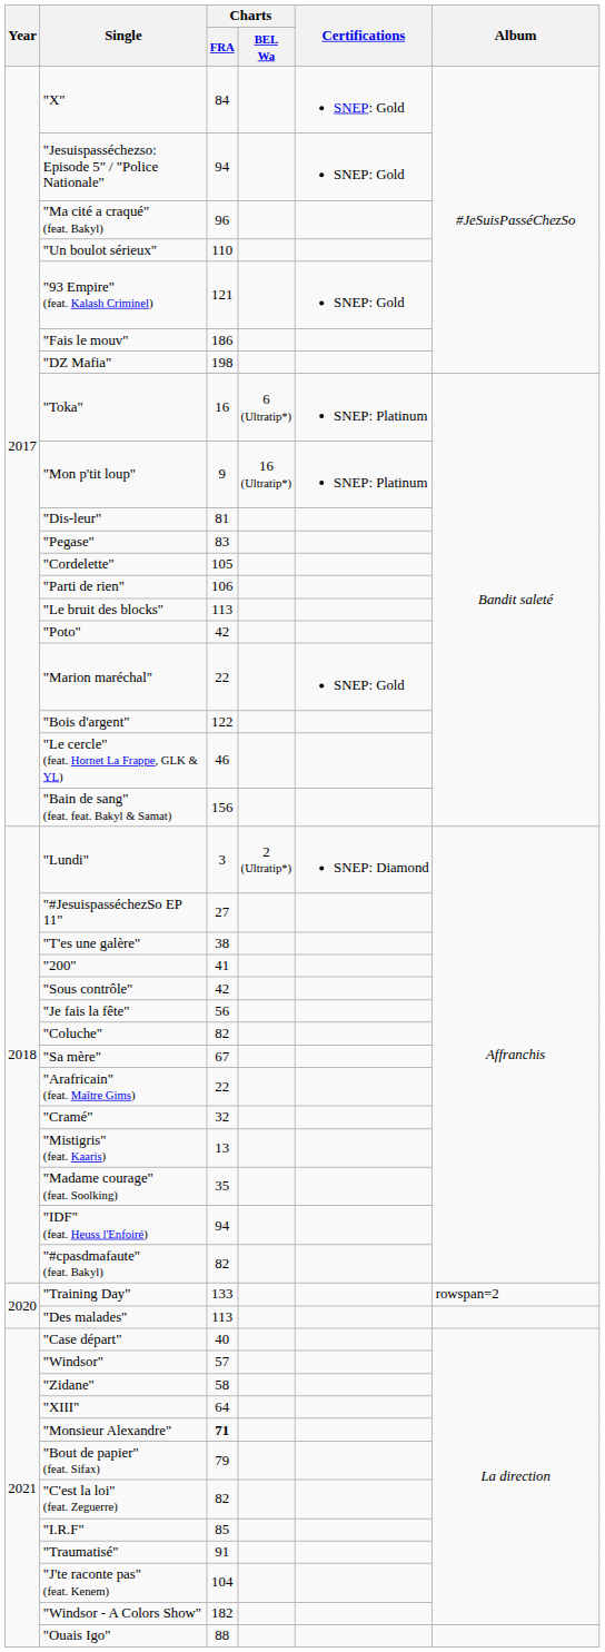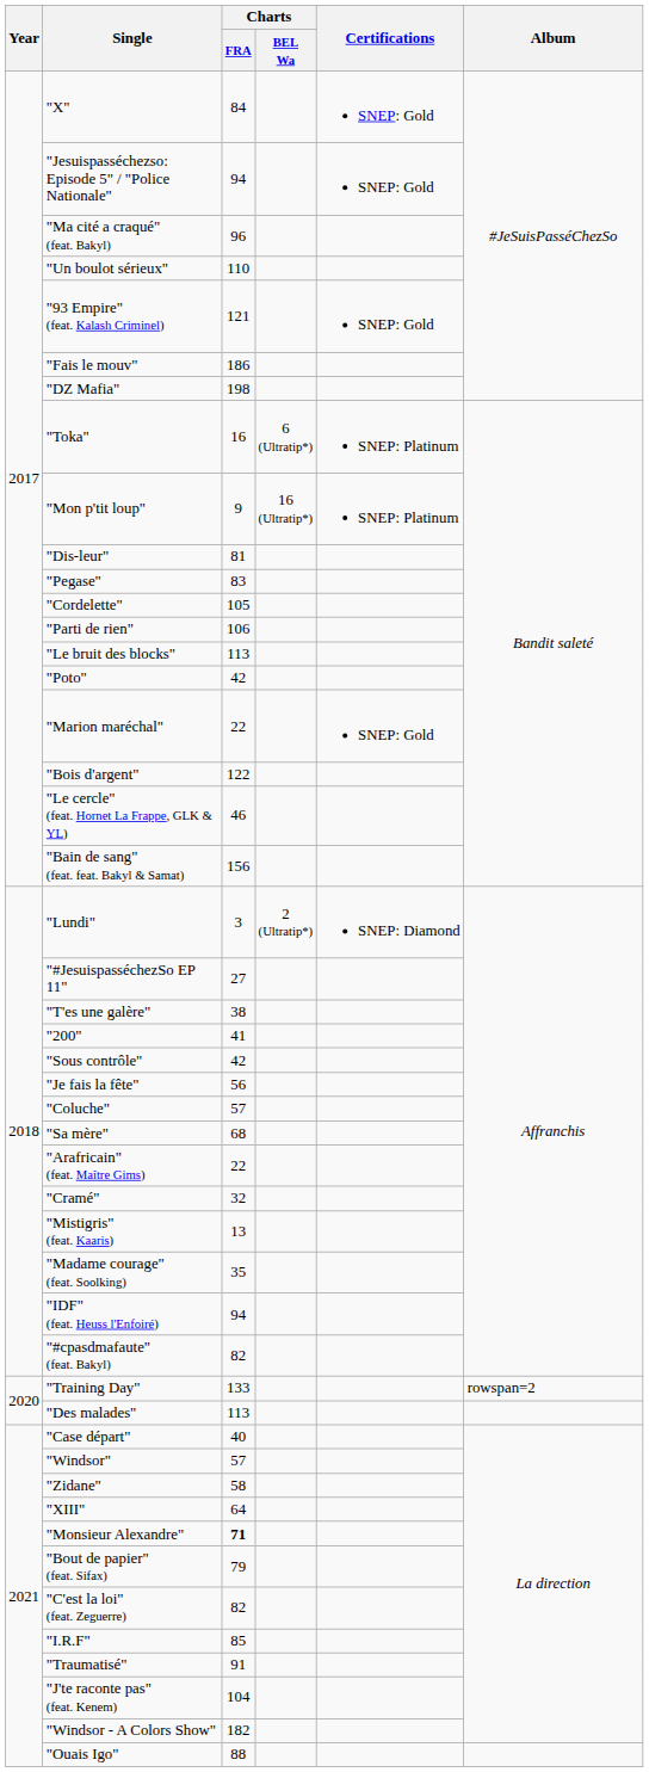 <table class="wikitable">
 <tr>
 <th align="center" rowspan="2" width="10">Year</th>
 <th align="center" rowspan="2" width="180">Single</th>
 <th align="center" colspan="2">Charts</th>
 <th align="center" rowspan="2"><a href='#'>Certifications</a></th>
 <th align="center" rowspan="2" width="180">Album</th>
 </tr>
 <tr>
 <th width="20"><small><a href='#'>FRA</a></small><br></th>
 <th width="20"><small><a href='#'>BEL<br>Wa</a></small><br></th>
 </tr>
 <tr>
 <td align="center" rowspan=19>2017</td>
 <td>"X"</td>
 <td align="center">84</td>
 <td></td>
 <td><br><ul><li><a href='#'>SNEP</a>: Gold</li></ul></td>
 <td align="center" rowspan=7><em>#JeSuisPasséChezSo</em></td>
 </tr>
 <tr>
 <td>"Jesuispasséchezso: Episode 5" / "Police Nationale"</td>
 <td align="center">94</td>
 <td></td>
 <td><br><ul><li>SNEP: Gold</li></ul></td>
 </tr>
 <tr>
 <td>"Ma cité a craqué"<br><small>(feat. Bakyl)</small></td>
 <td align="center">96</td>
 <td></td>
 <td></td>
 </tr>
 <tr>
 <td>"Un boulot sérieux"</td>
 <td align="center">110</td>
 <td></td>
 <td></td>
 </tr>
 <tr>
 <td>"93 Empire"<br><small>(feat. <a href='#'>Kalash Criminel</a>)</small></td>
 <td align="center">121</td>
 <td></td>
 <td><br><ul><li>SNEP: Gold</li></ul></td>
 </tr>
 <tr>
 <td>"Fais le mouv"</td>
 <td align="center">186</td>
 <td></td>
 <td></td>
 </tr>
 <tr>
 <td>"DZ Mafia"</td>
 <td align="center">198</td>
 <td></td>
 <td></td>
 </tr>
 <tr>
 <td>"Toka"</td>
 <td align="center">16</td>
 <td align="center">6<br><small>(Ultratip*)</small></td>
 <td><br><ul><li>SNEP: Platinum</li></ul></td>
 <td align="center" rowspan=12><em>Bandit saleté</em></td>
 </tr>
 <tr>
 <td>"Mon p'tit loup"</td>
 <td align="center">9</td>
 <td align="center">16<br><small>(Ultratip*)</small></td>
 <td><br><ul><li>SNEP: Platinum</li></ul></td>
 </tr>
 <tr>
 <td>"Dis-leur"</td>
 <td align="center">81</td>
 <td align="center"></td>
 <td></td>
 </tr>
 <tr>
 <td>"Pegase"</td>
 <td align="center">83</td>
 <td align="center"></td>
 <td></td>
 </tr>
 <tr>
 <td>"Cordelette"</td>
 <td align="center">105</td>
 <td align="center"></td>
 <td></td>
 </tr>
 <tr>
 <td>"Parti de rien"</td>
 <td align="center">106</td>
 <td align="center"></td>
 <td></td>
 </tr>
 <tr>
 <td>"Le bruit des blocks"</td>
 <td align="center">113</td>
 <td align="center"></td>
 <td></td>
 </tr>
 <tr>
 <td>"Poto"</td>
 <td align="center">42</td>
 <td align="center"></td>
 <td></td>
 </tr>
 <tr>
 <td>"Marion maréchal"</td>
 <td align="center">22</td>
 <td align="center"></td>
 <td><br><ul><li>SNEP: Gold</li></ul></td>
 </tr>
 <tr>
 <td>"Bois d'argent"</td>
 <td align="center">122</td>
 <td align="center"></td>
 <td></td>
 </tr>
 <tr>
 <td>"Le cercle"<br><small>(feat. <a href='#'>Hornet La Frappe</a>, GLK & <a href='#'>YL</a>)</small></td>
 <td align="center">46</td>
 <td align="center"></td>
 <td></td>
 </tr>
 <tr>
 <td>"Bain de sang"<br><small>(feat. feat. Bakyl & Samat)</small></td>
 <td align="center">156</td>
 <td align="center"></td>
 <td></td>
 </tr>
 <tr>
 <td align="center" rowspan=14>2018</td>
 <td>"Lundi"</td>
 <td align="center">3</td>
 <td align="center">2<br><small>(Ultratip*)</small></td>
 <td><br><ul><li>SNEP: Diamond</li></ul></td>
 <td align="center" rowspan=14><em>Affranchis</em></td>
 </tr>
 <tr>
 <td>"#JesuispasséchezSo EP 11"</td>
 <td align="center">27</td>
 <td align="center"></td>
 <td></td>
 </tr>
 <tr>
 <td>"T'es une galère"</td>
 <td align="center">38</td>
 <td align="center"></td>
 <td></td>
 </tr>
 <tr>
 <td>"200"</td>
 <td align="center">41</td>
 <td align="center"></td>
 <td></td>
 </tr>
 <tr>
 <td>"Sous contrôle"</td>
 <td align="center">42</td>
 <td align="center"></td>
 <td></td>
 </tr>
 <tr>
 <td>"Je fais la fête"</td>
 <td align="center">56</td>
 <td align="center"></td>
 <td></td>
 </tr>
 <tr>
 <td>"Coluche"</td>
-<td align="center">82</td>
+<td align="center">57</td>
 <td align="center"></td>
 <td></td>
 </tr>
 <tr>
 <td>"Sa mère"</td>
-<td align="center">67</td>
+<td align="center">68</td>
 <td align="center"></td>
 <td></td>
 </tr>
 <tr>
 <td>"Arafricain"<br><small>(feat. <a href='#'>Maître Gims</a>)</small></td>
 <td align="center">22</td>
 <td align="center"></td>
 <td></td>
 </tr>
 <tr>
 <td>"Cramé"</td>
 <td align="center">32</td>
 <td align="center"></td>
 <td></td>
 </tr>
 <tr>
 <td>"Mistigris"<br><small>(feat. <a href='#'>Kaaris</a>)</small></td>
 <td align="center">13</td>
 <td align="center"></td>
 <td></td>
 </tr>
 <tr>
 <td>"Madame courage"<br><small>(feat. Soolking)</small></td>
 <td align="center">35</td>
 <td align="center"></td>
 <td></td>
 </tr>
 <tr>
 <td>"IDF"<br><small>(feat. <a href='#'>Heuss l'Enfoiré</a>)</small></td>
 <td align="center">94</td>
 <td align="center"></td>
 <td></td>
 </tr>
 <tr>
 <td>"#cpasdmafaute"<br><small>(feat. Bakyl)</small></td>
 <td align="center">82</td>
 <td align="center"></td>
 <td></td>
 </tr>
 <tr>
 <td align="center" rowspan=2>2020</td>
 <td>"Training Day"</td>
 <td align="center">133<br></td>
 <td align="center"></td>
 <td></td>
 <td>rowspan=2 </td>
 </tr>
 <tr>
 <td>"Des malades"</td>
 <td align="center">113</td>
 <td align="center"></td>
 <td></td>
 </tr>
 <tr>
 <td align="center" rowspan=12>2021</td>
 <td>"Case départ"</td>
 <td align="center">40</td>
 <td align="center"></td>
 <td></td>
 <td align="center" rowspan=11><em>La direction</em></td>
 </tr>
 <tr>
 <td>"Windsor"</td>
 <td align="center">57</td>
 <td align="center"></td>
 <td></td>
 </tr>
 <tr>
 <td>"Zidane"</td>
 <td align="center">58</td>
 <td align="center"></td>
 <td></td>
 </tr>
 <tr>
 <td>"XIII"</td>
 <td align="center">64</td>
 <td align="center"></td>
 <td></td>
 </tr>
 <tr>
 <td>"Monsieur Alexandre"</td>
 <td align="center"><strong>71</strong></td>
 <td align="center"></td>
 <td></td>
 </tr>
 <tr>
 <td>"Bout de papier"<br><small>(feat. Sifax)</small></td>
 <td align="center">79</td>
 <td align="center"></td>
 <td></td>
 </tr>
 <tr>
 <td>"C'est la loi"<br><small>(feat. Zeguerre)</small></td>
 <td align="center">82</td>
 <td align="center"></td>
 <td></td>
 </tr>
 <tr>
 <td>"I.R.F"</td>
 <td align="center">85</td>
 <td align="center"></td>
 <td></td>
 </tr>
 <tr>
 <td>"Traumatisé"</td>
 <td align="center">91</td>
 <td align="center"></td>
 <td></td>
 </tr>
 <tr>
 <td>"J'te raconte pas"<br><small>(feat. Kenem)</small></td>
 <td align="center">104</td>
 <td align="center"></td>
 <td></td>
 </tr>
 <tr>
 <td>"Windsor - A Colors Show"</td>
 <td align="center">182</td>
 <td align="center"></td>
 <td></td>
 </tr>
 <tr>
 <td>"Ouais Igo"</td>
 <td align="center">88</td>
 <td align="center"></td>
 <td></td>
 <td></td>
 </tr>
 </table>
